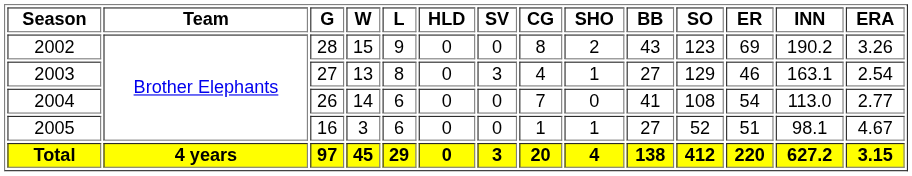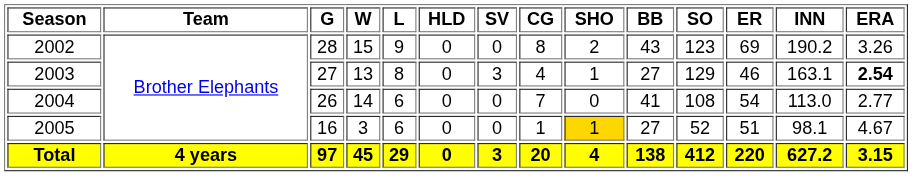 <table border=1 width="800px">
 <tr align="center">
 <th>Season</th>
 <th>Team</th>
 <th>G</th>
 <th>W</th>
 <th>L</th>
 <th>HLD</th>
 <th>SV</th>
 <th>CG</th>
 <th>SHO</th>
 <th>BB</th>
 <th>SO</th>
 <th>ER</th>
 <th>INN</th>
 <th>ERA</th>
 </tr>
 <tr align="center">
 <td>2002</td>
 <td rowspan="4"><a href='#'>Brother Elephants</a></td>
 <td>28</td>
 <td>15</td>
 <td>9</td>
 <td>0</td>
 <td>0</td>
 <td>8</td>
 <td>2</td>
 <td>43</td>
 <td>123</td>
 <td>69</td>
 <td>190.2</td>
 <td>3.26</td>
 </tr>
 <tr align="center">
 <td>2003</td>
 <td>27</td>
 <td>13</td>
 <td>8</td>
 <td>0</td>
 <td>3</td>
 <td>4</td>
 <td>1</td>
 <td>27</td>
 <td>129</td>
 <td>46</td>
 <td>163.1</td>
-<td>2.54</td>
+<td><strong>2.54</strong></td>
 </tr>
 <tr align="center">
 <td>2004</td>
 <td>26</td>
 <td>14</td>
 <td>6</td>
 <td>0</td>
 <td>0</td>
 <td>7</td>
 <td>0</td>
 <td>41</td>
 <td>108</td>
 <td>54</td>
 <td>113.0</td>
 <td>2.77</td>
 </tr>
 <tr align="center">
 <td>2005</td>
 <td>16</td>
 <td>3</td>
 <td>6</td>
 <td>0</td>
 <td>0</td>
 <td>1</td>
-<td>1</td>
+<td style="background: gold;">1</td>
 <td>27</td>
 <td>52</td>
 <td>51</td>
 <td>98.1</td>
 <td>4.67</td>
 </tr>
 <tr style="color:black; background-color:yellow" align="center">
 <th>Total</th>
 <th>4 years</th>
 <th>97</th>
 <th>45</th>
 <th>29</th>
 <th>0</th>
 <th>3</th>
 <th>20</th>
 <th>4</th>
 <th>138</th>
 <th>412</th>
 <th>220</th>
 <th>627.2</th>
 <th>3.15</th>
 </tr>
 </table>
